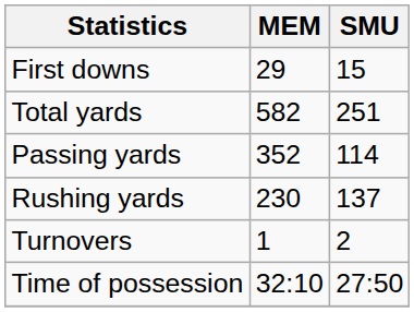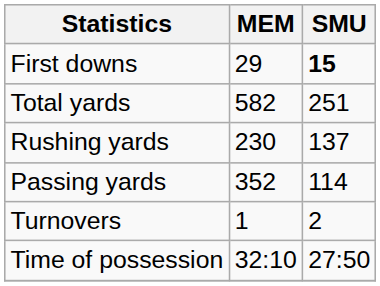 <table class="wikitable">
 <tr>
 <th>Statistics</th>
 <th>MEM</th>
 <th>SMU</th>
 </tr>
 <tr>
 <td>First downs</td>
 <td>29</td>
-<td>15</td>
+<td><strong>15</strong></td>
 </tr>
 <tr>
 <td>Total yards</td>
 <td>582</td>
 <td>251</td>
 </tr>
 <tr>
+<td>Rushing yards</td>
+<td>230</td>
+<td>137</td>
+</tr>
+<tr>
 <td>Passing yards</td>
 <td>352</td>
 <td>114</td>
-</tr>
-<tr>
-<td>Rushing yards</td>
-<td>230</td>
-<td>137</td>
 </tr>
 <tr>
 <td>Turnovers</td>
 <td>1</td>
 <td>2</td>
 </tr>
 <tr>
 <td>Time of possession</td>
 <td>32:10</td>
 <td>27:50</td>
 </tr>
 <tr>
 </tr>
 </table>
